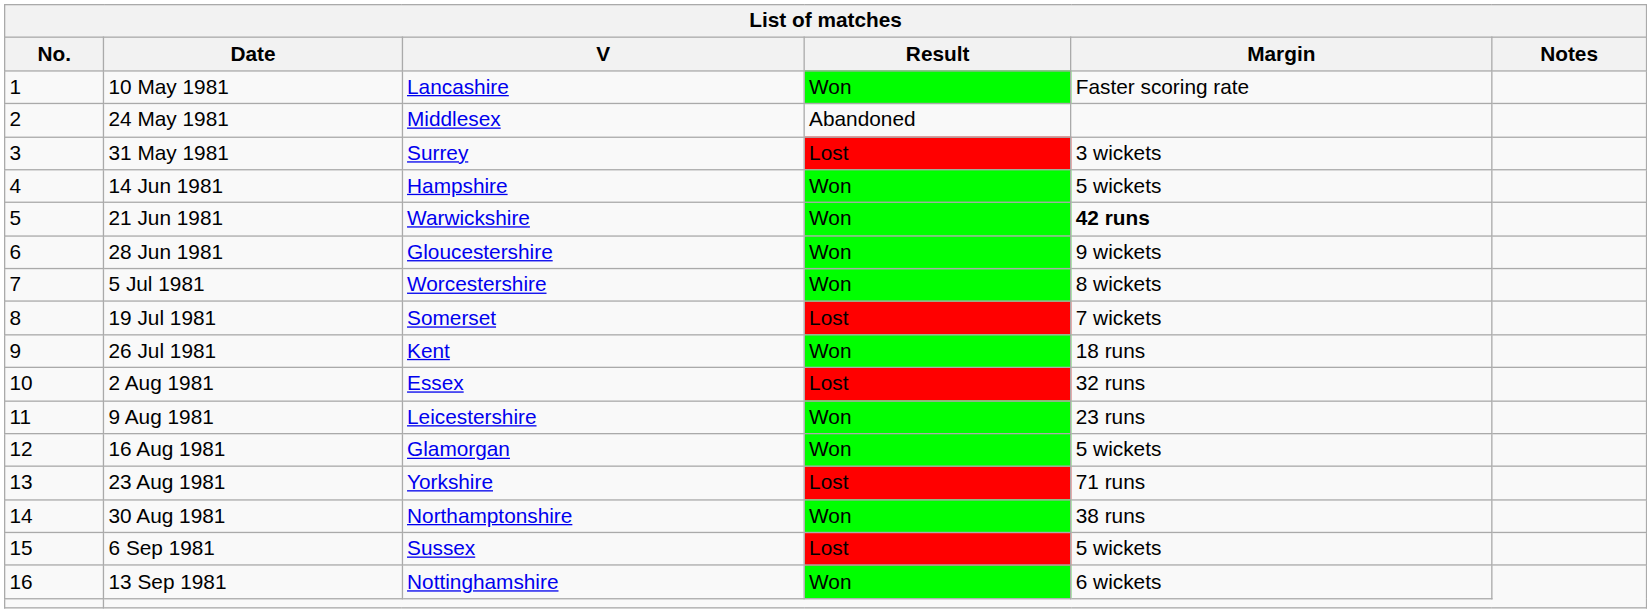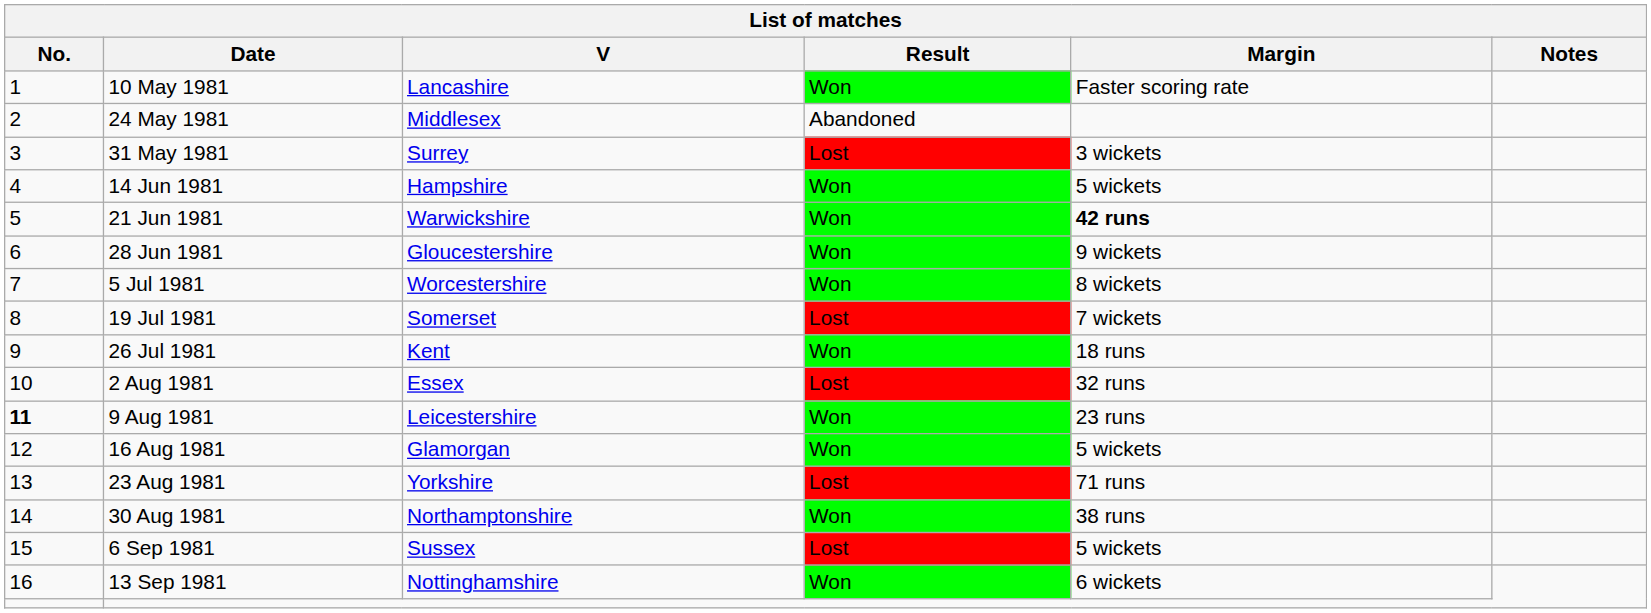 <table class="wikitable" width="100%">
 <tr>
 <th bgcolor="#efefef" colspan=6>List of matches</th>
 </tr>
 <tr bgcolor="#efefef">
 <th>No.</th>
 <th>Date</th>
 <th>V</th>
 <th>Result</th>
 <th>Margin</th>
 <th>Notes</th>
 </tr>
 <tr>
 <td>1</td>
 <td>10 May 1981</td>
 <td><a href='#'>Lancashire</a> <br> </td>
 <td bgcolor="#00FF00">Won</td>
 <td>Faster scoring rate</td>
 <td></td>
 </tr>
 <tr>
 <td>2</td>
 <td>24 May 1981</td>
 <td><a href='#'>Middlesex</a>   <br></td>
 <td>Abandoned</td>
 <td></td>
 <td></td>
 </tr>
 <tr>
 <td>3</td>
 <td>31 May 1981</td>
 <td><a href='#'>Surrey</a><br> </td>
 <td bgcolor="#FF0000">Lost</td>
 <td>3 wickets</td>
 <td></td>
 </tr>
 <tr>
 <td>4</td>
 <td>14 Jun 1981</td>
 <td><a href='#'>Hampshire</a><br> </td>
 <td bgcolor="#00FF00">Won</td>
 <td>5 wickets</td>
 <td></td>
 </tr>
 <tr>
 <td>5</td>
 <td>21 Jun 1981</td>
 <td><a href='#'>Warwickshire</a> <br></td>
 <td bgcolor="#00FF00">Won</td>
 <td><strong>42 runs</strong></td>
 <td></td>
 </tr>
 <tr>
 <td>6</td>
 <td>28 Jun 1981</td>
 <td><a href='#'>Gloucestershire</a> <br> </td>
 <td bgcolor="#00FF00">Won</td>
 <td>9 wickets</td>
 <td></td>
 </tr>
 <tr>
 <td>7</td>
 <td>5 Jul 1981</td>
 <td><a href='#'>Worcestershire</a><br></td>
 <td bgcolor="#00FF00">Won</td>
 <td>8 wickets</td>
 <td></td>
 </tr>
 <tr>
 <td>8</td>
 <td>19 Jul 1981</td>
 <td><a href='#'>Somerset</a><br></td>
 <td bgcolor="#FF0000">Lost</td>
 <td>7 wickets</td>
 <td></td>
 </tr>
 <tr>
 <td>9</td>
 <td>26 Jul 1981</td>
 <td><a href='#'>Kent</a> <br></td>
 <td bgcolor="#00FF00">Won</td>
 <td>18 runs</td>
 <td></td>
 </tr>
 <tr>
 <td>10</td>
 <td>2 Aug 1981</td>
 <td><a href='#'>Essex</a>  <br> </td>
 <td bgcolor="#FF0000">Lost</td>
 <td>32 runs</td>
 <td></td>
 </tr>
 <tr>
-<td>11</td>
+<td><strong>11</strong></td>
 <td>9 Aug 1981</td>
 <td><a href='#'>Leicestershire</a><br> </td>
 <td bgcolor="#00FF00">Won</td>
 <td>23 runs</td>
 <td></td>
 </tr>
 <tr>
 <td>12</td>
 <td>16 Aug 1981</td>
 <td><a href='#'>Glamorgan</a> <br> </td>
 <td bgcolor="#00FF00">Won</td>
 <td>5 wickets</td>
 <td></td>
 </tr>
 <tr>
 <td>13</td>
 <td>23 Aug 1981</td>
 <td><a href='#'>Yorkshire</a><br> </td>
 <td bgcolor="#FF0000">Lost</td>
 <td>71 runs</td>
 <td></td>
 </tr>
 <tr>
 <td>14</td>
 <td>30 Aug 1981</td>
 <td><a href='#'>Northamptonshire</a> <br> </td>
 <td bgcolor="#00FF00">Won</td>
 <td>38 runs</td>
 <td></td>
 </tr>
 <tr>
 <td>15</td>
 <td>6 Sep 1981</td>
 <td><a href='#'>Sussex</a>  <br> </td>
 <td bgcolor="#FF0000">Lost</td>
 <td>5 wickets</td>
 <td></td>
 </tr>
 <tr>
 <td>16</td>
 <td>13 Sep 1981</td>
 <td><a href='#'>Nottinghamshire</a> <br> </td>
 <td bgcolor="#00FF00">Won</td>
 <td>6 wickets</td>
 </tr>
 <tr>
 <td></td>
 </tr>
 </table>
